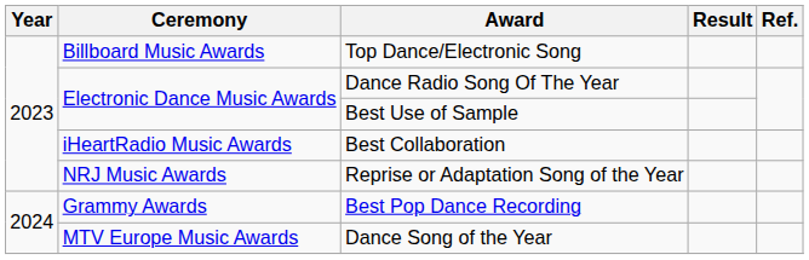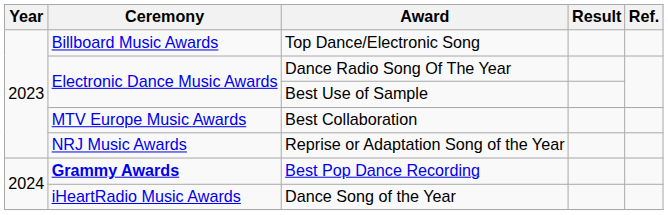 <table class="wikitable plainrowheaders">
 <tr>
 <th scope="col">Year</th>
 <th scope="col">Ceremony</th>
 <th scope="col">Award</th>
 <th scope="col">Result</th>
 <th scope="col">Ref.</th>
 </tr>
 <tr>
 <td rowspan=5>2023</td>
 <td><a href='#'>Billboard Music Awards</a></td>
 <td>Top Dance/Electronic Song</td>
 <td></td>
 <td align="center"></td>
 </tr>
 <tr>
 <td rowspan="2"><a href='#'>Electronic Dance Music Awards</a></td>
 <td>Dance Radio Song Of The Year</td>
 <td></td>
 <td rowspan="2"></td>
 </tr>
 <tr>
 <td>Best Use of Sample</td>
 <td></td>
 </tr>
 <tr>
-<td><a href='#'>iHeartRadio Music Awards</a></td>
+<td><a href='#'>MTV Europe Music Awards</a></td>
 <td>Best Collaboration</td>
 <td></td>
 <td></td>
 </tr>
 <tr>
 <td><a href='#'>NRJ Music Awards</a></td>
 <td>Reprise or Adaptation Song of the Year</td>
 <td></td>
 <td></td>
 </tr>
 <tr>
 <td rowspan=2>2024</td>
-<td><a href='#'>Grammy Awards</a></td>
+<td><strong><a href='#'>Grammy Awards</a></strong></td>
 <td><a href='#'>Best Pop Dance Recording</a></td>
 <td></td>
 <td></td>
 </tr>
 <tr>
-<td><a href='#'>MTV Europe Music Awards</a></td>
+<td><a href='#'>iHeartRadio Music Awards</a></td>
 <td>Dance Song of the Year</td>
 <td></td>
 <td></td>
 </tr>
 <tr>
 </tr>
 </table>
